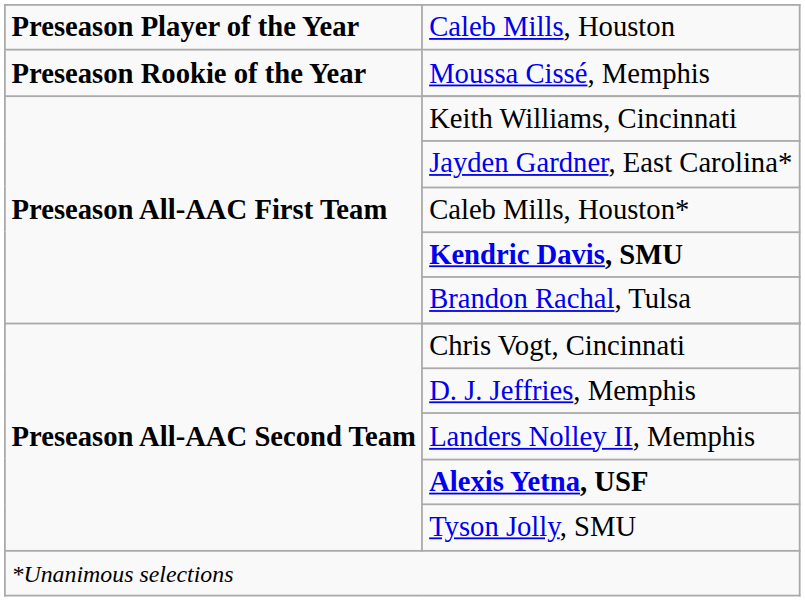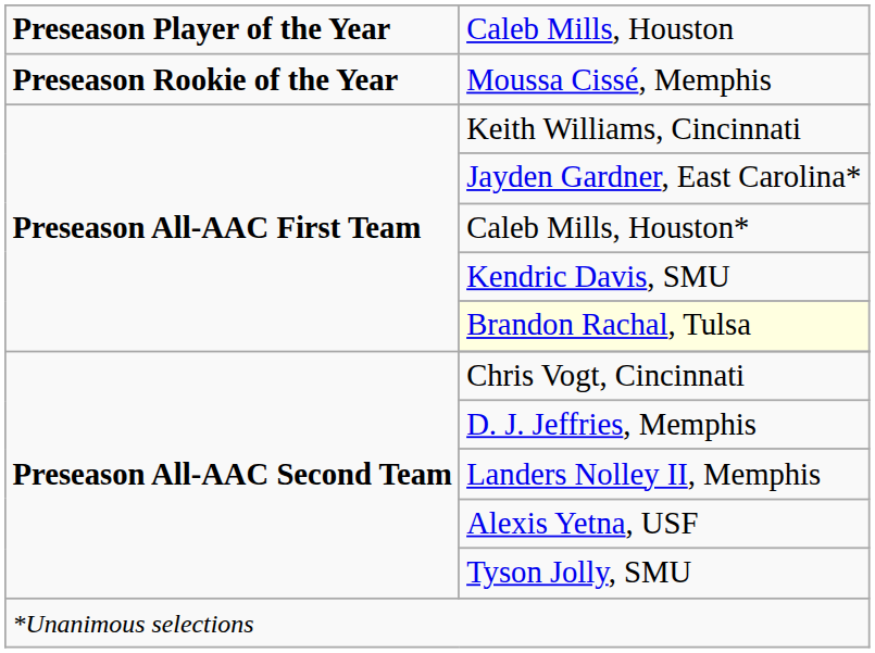 <table class="wikitable">
 <tr>
 <td><strong>Preseason Player of the Year</strong></td>
 <td><a href='#'>Caleb Mills</a>, Houston</td>
 </tr>
 <tr>
 <td><strong>Preseason Rookie of the Year</strong></td>
 <td><a href='#'>Moussa Cissé</a>, Memphis</td>
 </tr>
 <tr>
 <td rowspan=6 valign=middle><strong>Preseason All-AAC First Team</strong></td>
 </tr>
 <tr>
 <td>Keith Williams, Cincinnati</td>
 </tr>
 <tr>
 <td><a href='#'>Jayden Gardner</a>, East Carolina*</td>
 </tr>
 <tr>
 <td>Caleb Mills, Houston*</td>
 </tr>
 <tr>
-<td><strong><a href='#'>Kendric Davis</a>, SMU</strong></td>
+<td><a href='#'>Kendric Davis</a>, SMU</td>
 </tr>
 <tr>
-<td><a href='#'>Brandon Rachal</a>, Tulsa</td>
+<td style="background: lightyellow;"><a href='#'>Brandon Rachal</a>, Tulsa</td>
 </tr>
 <tr>
 <td rowspan="6" valign="middle"><strong>Preseason All-AAC Second Team</strong></td>
 </tr>
 <tr>
 <td>Chris Vogt, Cincinnati</td>
 </tr>
 <tr>
 <td><a href='#'>D. J. Jeffries</a>, Memphis</td>
 </tr>
 <tr>
 <td><a href='#'>Landers Nolley II</a>, Memphis</td>
 </tr>
 <tr>
-<td><strong><a href='#'>Alexis Yetna</a>, USF</strong></td>
+<td><a href='#'>Alexis Yetna</a>, USF</td>
 </tr>
 <tr>
 <td><a href='#'>Tyson Jolly</a>, SMU</td>
 </tr>
 <tr>
 <td colspan="3" valign="center"><small><em>*Unanimous selections</em></small></td>
 </tr>
 </table>
